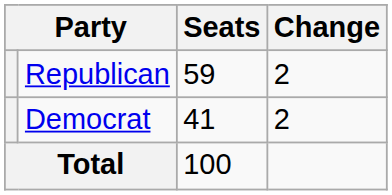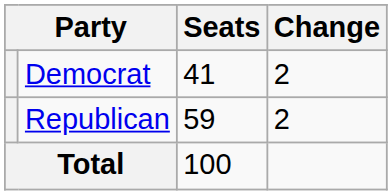 <table class="wikitable">
 <tr>
 <th colspan="2">Party</th>
 <th>Seats</th>
 <th>Change</th>
 </tr>
 <tr>
 <th style="background-color:"></th>
-<td><a href='#'>Republican</a></td>
-<td>59</td>
+<td><a href='#'>Democrat</a></td>
+<td>41</td>
 <td>2</td>
 </tr>
 <tr>
 <th style="background-color:"></th>
-<td><a href='#'>Democrat</a></td>
-<td>41</td>
+<td><a href='#'>Republican</a></td>
+<td>59</td>
 <td>2</td>
 </tr>
 <tr>
 <th colspan="2">Total</th>
 <td>100</td>
 <td></td>
 </tr>
 </table>
